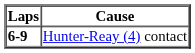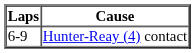 <table border=2 cellspacing=0>
 <tr>
 <th>Laps</th>
 <th>Cause</th>
 </tr>
 <tr>
-<td><strong>6-9</strong></td>
+<td>6-9</td>
 <td><a href='#'>Hunter-Reay (4)</a> contact</td>
 </tr>
 </table>
